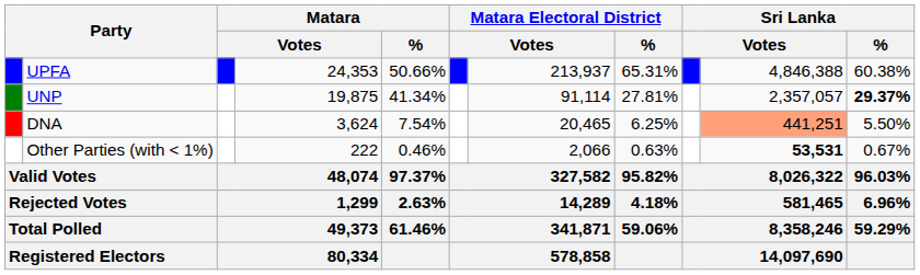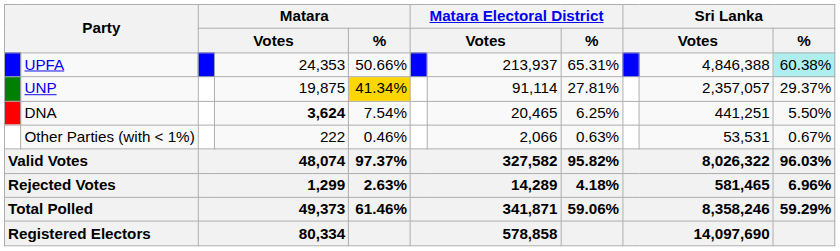 <table class="wikitable">
 <tr>
 <th colspan="2" width="144px"rowspan="2">Party</th>
 <th colspan="3" width="216px">Matara</th>
 <th colspan="3" width="216px"><a href='#'>Matara Electoral District</a></th>
 <th colspan="3" width="216px">Sri Lanka</th>
 </tr>
 <tr>
 <th colspan="2" width="144px">Votes</th>
 <th>%</th>
 <th colspan="2" width="144px">Votes</th>
 <th>%</th>
 <th colspan="2" width="144px">Votes</th>
 <th>%</th>
 </tr>
 <tr>
 <td style="background-color:blue;" width="10px"></td>
 <td style="text-align:left;"><a href='#'>UPFA</a></td>
 <td style="background-color:blue;" width="10px"></td>
 <td style="text-align:right;">24,353</td>
 <td style="text-align:right;">50.66%</td>
 <td style="background-color:blue;" width="10px"></td>
 <td style="text-align:right;">213,937</td>
 <td style="text-align:right;">65.31%</td>
 <td style="background-color:blue;" width="10px"></td>
 <td style="text-align:right;">4,846,388</td>
-<td style="text-align:right;">60.38%</td>
+<td style="background: paleturquoise; text-align:right;">60.38%</td>
 </tr>
 <tr>
 <td style="background-color:green;" width="10px"></td>
 <td style="text-align:left;"><a href='#'>UNP</a></td>
 <td style="background-color:white;" width="10px"></td>
 <td style="text-align:right;">19,875</td>
-<td style="text-align:right;">41.34%</td>
+<td style="background: gold; text-align:right;">41.34%</td>
 <td style="background-color:white;" width="10px"></td>
 <td style="text-align:right;">91,114</td>
 <td style="text-align:right;">27.81%</td>
 <td style="background-color:white;" width="10px"></td>
 <td style="text-align:right;">2,357,057</td>
-<td style="text-align:right;"><strong>29.37%</strong></td>
+<td style="text-align:right;">29.37%</td>
 </tr>
 <tr>
 <td style="background-color:red;" width="10px"></td>
 <td style="text-align:left;">DNA</td>
 <td style="background-color:white;" width="10px"></td>
-<td style="text-align:right;">3,624</td>
+<td style="text-align:right;"><strong>3,624</strong></td>
 <td style="text-align:right;">7.54%</td>
 <td style="background-color:white;" width="10px"></td>
 <td style="text-align:right;">20,465</td>
 <td style="text-align:right;">6.25%</td>
 <td style="background-color:white;" width="10px"></td>
-<td style="background: lightsalmon; text-align:right;">441,251</td>
+<td style="text-align:right;">441,251</td>
 <td style="text-align:right;">5.50%</td>
 </tr>
 <tr>
 <td style="background-color:white;" width="10px"></td>
 <td style="text-align:left;">Other Parties (with < 1%)</td>
 <td style="background-color:white;" width="10px"></td>
 <td style="text-align:right;">222</td>
 <td style="text-align:right;">0.46%</td>
 <td style="background-color:white;" width="10px"></td>
 <td style="text-align:right;">2,066</td>
 <td style="text-align:right;">0.63%</td>
 <td style="background-color:white;" width="10px"></td>
-<td style="text-align:right;"><strong>53,531</strong></td>
+<td style="text-align:right;">53,531</td>
 <td style="text-align:right;">0.67%</td>
 </tr>
 <tr>
 <th colspan="2" width="144px"style="text-align:left;">Valid Votes</th>
 <th style="text-align:right;"colspan="2" width="144px">48,074</th>
 <th style="text-align:right;">97.37%</th>
 <th style="text-align:right;"colspan="2" width="144px">327,582</th>
 <th style="text-align:right;">95.82%</th>
 <th style="text-align:right;"colspan="2" width="144px">8,026,322</th>
 <th style="text-align:right;">96.03%</th>
 </tr>
 <tr>
 <th colspan="2" width="144px"style="text-align:left;">Rejected Votes</th>
 <th style="text-align:right;"colspan="2" width="144px">1,299</th>
 <th style="text-align:right;">2.63%</th>
 <th style="text-align:right;"colspan="2" width="144px">14,289</th>
 <th style="text-align:right;">4.18%</th>
 <th style="text-align:right;"colspan="2" width="144px">581,465</th>
 <th style="text-align:right;">6.96%</th>
 </tr>
 <tr>
 <th colspan="2" width="144px"style="text-align:left;">Total Polled</th>
 <th style="text-align:right;"colspan="2" width="144px">49,373</th>
 <th style="text-align:right;">61.46%</th>
 <th style="text-align:right;"colspan="2" width="144px">341,871</th>
 <th style="text-align:right;">59.06%</th>
 <th style="text-align:right;"colspan="2" width="144px">8,358,246</th>
 <th style="text-align:right;">59.29%</th>
 </tr>
 <tr>
 <th colspan="2" width="144px"style="text-align:left;">Registered Electors</th>
 <th style="text-align:right;"colspan="2" width="144px">80,334</th>
 <th></th>
 <th style="text-align:right;"colspan="2" width="144px">578,858</th>
 <th></th>
 <th style="text-align:right;"colspan="2" width="144px">14,097,690</th>
 <th></th>
 </tr>
 </table>
